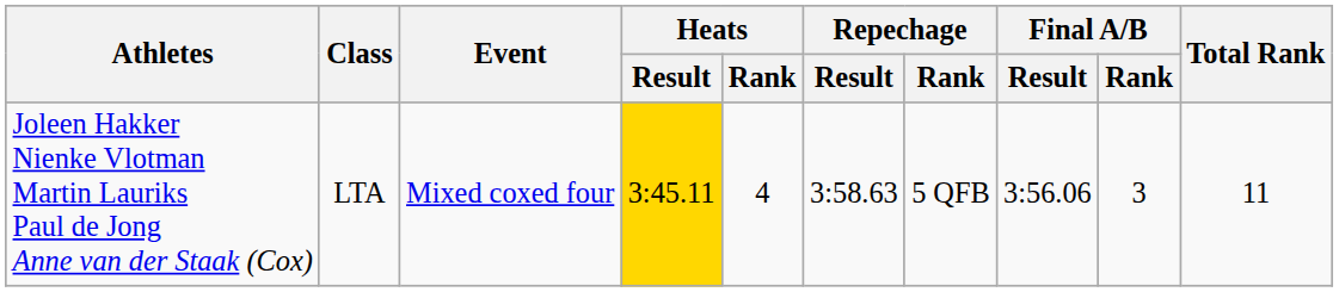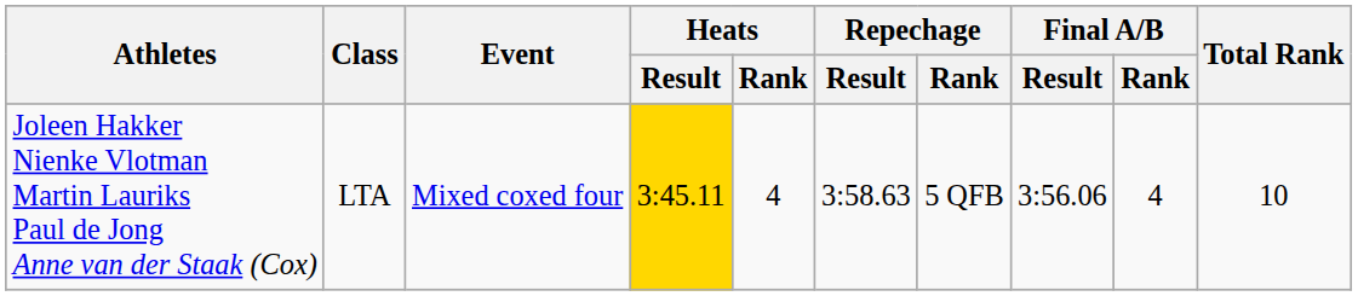 <table class=wikitable style="font-size:90%">
 <tr>
 <th rowspan="2">Athletes</th>
 <th rowspan="2">Class</th>
 <th rowspan="2">Event</th>
 <th colspan="2">Heats</th>
 <th colspan="2">Repechage</th>
 <th colspan="2">Final A/B</th>
 <th rowspan="2">Total Rank</th>
 </tr>
 <tr>
 <th>Result</th>
 <th>Rank</th>
 <th>Result</th>
 <th>Rank</th>
 <th>Result</th>
 <th>Rank</th>
 </tr>
 <tr>
 <td><a href='#'>Joleen Hakker</a><br><a href='#'>Nienke Vlotman</a><br><a href='#'>Martin Lauriks</a><br><a href='#'>Paul de Jong</a><br><em><a href='#'>Anne van der Staak</a> (Cox)</em></td>
 <td align="center">LTA</td>
 <td><a href='#'>Mixed coxed four</a></td>
 <td align="center" style="background: gold;">3:45.11</td>
 <td align="center">4</td>
 <td align="center">3:58.63</td>
 <td align="center">5 QFB</td>
 <td align="center">3:56.06</td>
-<td align="center">3</td>
-<td align="center">11</td>
+<td align="center">4</td>
+<td align="center">10</td>
 </tr>
 </table>
